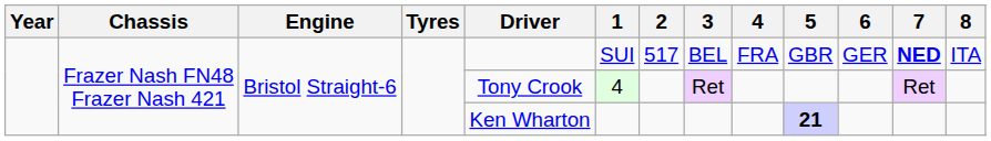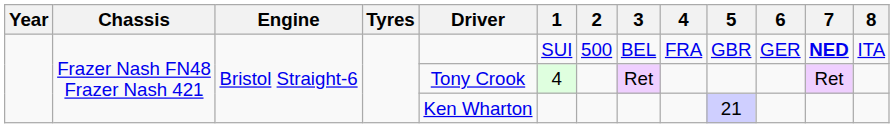 <table class="wikitable" style="text-align:center; font-size:95%">
 <tr>
 <th>Year</th>
 <th>Chassis</th>
 <th>Engine</th>
 <th>Tyres</th>
 <th>Driver</th>
 <th>1</th>
 <th>2</th>
 <th>3</th>
 <th>4</th>
 <th>5</th>
 <th>6</th>
 <th>7</th>
 <th>8</th>
 </tr>
 <tr>
 <td rowspan="3"></td>
 <td rowspan="3"><a href='#'>Frazer Nash FN48</a><br><a href='#'>Frazer Nash 421</a></td>
 <td rowspan="3"><a href='#'>Bristol</a> <a href='#'>Straight-6</a></td>
 <td rowspan="3"></td>
 <td></td>
 <td><a href='#'>SUI</a></td>
-<td><a href='#'>517</a></td>
+<td><a href='#'>500</a></td>
 <td><a href='#'>BEL</a></td>
 <td><a href='#'>FRA</a></td>
 <td><a href='#'>GBR</a></td>
 <td><a href='#'>GER</a></td>
 <td><strong><a href='#'>NED</a></strong></td>
 <td><a href='#'>ITA</a></td>
 </tr>
 <tr>
 <td><a href='#'>Tony Crook</a></td>
 <td style="background:#DFFFDF;">4</td>
 <td></td>
 <td style="background:#EFCFFF;">Ret</td>
 <td></td>
 <td></td>
 <td></td>
 <td style="background:#EFCFFF;">Ret</td>
 <td></td>
 </tr>
 <tr>
 <td><a href='#'>Ken Wharton</a></td>
 <td></td>
 <td></td>
 <td></td>
 <td></td>
-<td style="background:#CFCFFF;"><strong>21</strong></td>
+<td style="background:#CFCFFF;">21</td>
 <td></td>
 <td></td>
 <td></td>
 </tr>
 </table>
